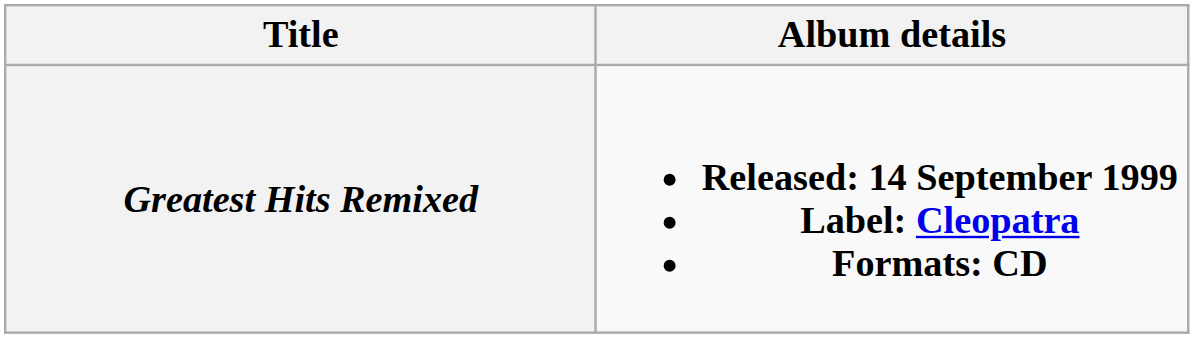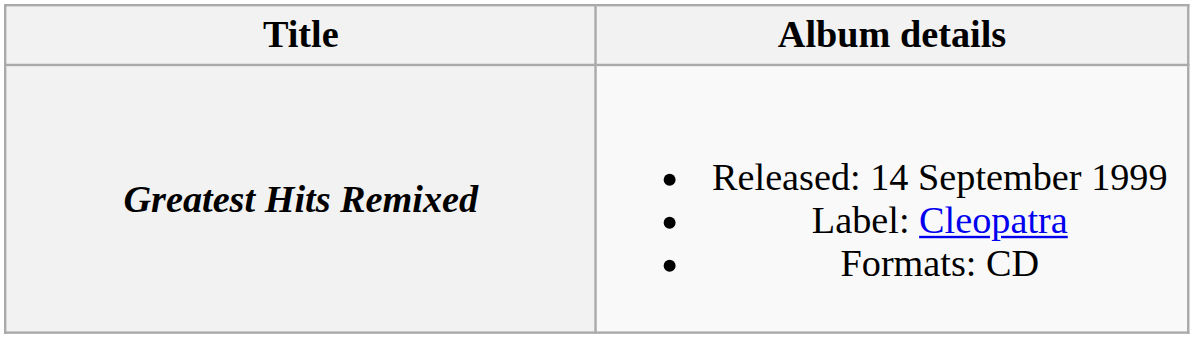 <table class="wikitable plainrowheaders" style="text-align:center;">
 <tr>
 <th scope="col" style="width:15em;">Title</th>
 <th scope="col" style="width:15em;">Album details</th>
 </tr>
 <tr>
 <th scope="row"><em>Greatest Hits Remixed</em></th>
-<td><strong><br><ul><li>Released: 14 September 1999</li><li>Label: <a href='#'>Cleopatra</a></li><li>Formats: CD</li></ul></strong></td>
+<td><br><ul><li>Released: 14 September 1999</li><li>Label: <a href='#'>Cleopatra</a></li><li>Formats: CD</li></ul></td>
 </tr>
 </table>
